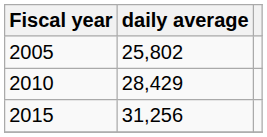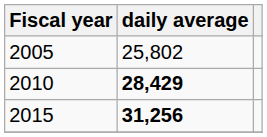 <table class="wikitable">
 <tr>
 <th>Fiscal year</th>
 <th>daily average</th>
 <th></th>
 </tr>
 <tr>
 <td>2005</td>
 <td>25,802</td>
 <td></td>
 </tr>
 <tr>
 <td>2010</td>
-<td>28,429</td>
+<td><strong>28,429</strong></td>
 <td></td>
 </tr>
 <tr>
 <td>2015</td>
-<td>31,256</td>
+<td><strong>31,256</strong></td>
 <td></td>
 </tr>
 <tr>
 </tr>
 </table>
